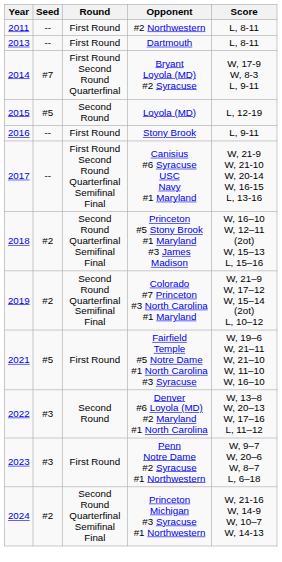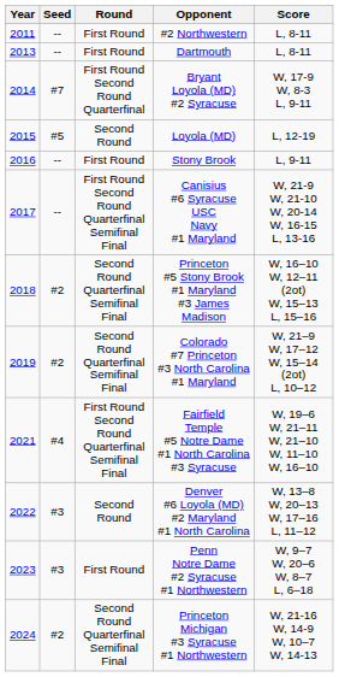 <table class="wikitable">
 <tr>
 <th style="width:40px; ">Year</th>
 <th style="width:40px; ">Seed</th>
 <th style="width:100px; ">Round</th>
 <th style="width:130px; ">Opponent</th>
 <th style="width:100px; ">Score</th>
 </tr>
 <tr align="center">
 <td><a href='#'>2011</a></td>
 <td>--</td>
 <td>First Round</td>
 <td>#2 <a href='#'>Northwestern</a></td>
 <td>L, 8-11</td>
 </tr>
 <tr align="center">
 <td><a href='#'>2013</a></td>
 <td>--</td>
 <td>First Round</td>
 <td><a href='#'>Dartmouth</a></td>
 <td>L, 8-11</td>
 </tr>
 <tr align="center">
 <td><a href='#'>2014</a></td>
 <td>#7</td>
 <td>First Round<br>Second Round<br>Quarterfinal</td>
 <td><a href='#'>Bryant</a><br><a href='#'>Loyola (MD)</a><br>#2 <a href='#'>Syracuse</a></td>
 <td>W, 17-9<br>W, 8-3<br>L, 9-11</td>
 </tr>
 <tr align="center">
 <td><a href='#'>2015</a></td>
 <td>#5</td>
 <td>Second Round</td>
 <td><a href='#'>Loyola (MD)</a></td>
 <td>L, 12-19</td>
 </tr>
 <tr align="center">
 <td><a href='#'>2016</a></td>
 <td>--</td>
 <td>First Round</td>
 <td><a href='#'>Stony Brook</a></td>
 <td>L, 9-11</td>
 </tr>
 <tr align="center">
 <td><a href='#'>2017</a></td>
 <td>--</td>
 <td>First Round<br>Second Round<br>Quarterfinal<br>Semifinal<br>Final</td>
 <td><a href='#'>Canisius</a><br>#6 <a href='#'>Syracuse</a><br><a href='#'>USC</a><br><a href='#'>Navy</a><br>#1 <a href='#'>Maryland</a></td>
 <td>W, 21-9<br>W, 21-10<br>W, 20-14<br>W, 16-15<br>L, 13-16</td>
 </tr>
 <tr align="center">
 <td><a href='#'>2018</a></td>
 <td>#2</td>
 <td>Second Round<br>Quarterfinal<br>Semifinal<br>Final</td>
 <td><a href='#'>Princeton</a><br>#5 <a href='#'>Stony Brook</a><br>#1 <a href='#'>Maryland</a><br>#3 <a href='#'>James Madison</a></td>
 <td>W, 16–10<br>W, 12–11 (2ot)<br>W, 15–13<br>L, 15–16</td>
 </tr>
 <tr align="center">
 <td><a href='#'>2019</a></td>
 <td>#2</td>
 <td>Second Round<br>Quarterfinal<br>Semifinal<br>Final</td>
 <td><a href='#'>Colorado</a><br>#7 <a href='#'>Princeton</a><br>#3 <a href='#'>North Carolina</a><br>#1 <a href='#'>Maryland</a></td>
 <td>W, 21–9<br>W, 17–12<br>W, 15–14 (2ot)<br>L, 10–12</td>
 </tr>
 <tr align="center">
 <td><a href='#'>2021</a></td>
-<td>#5</td>
-<td>First Round</td>
+<td>#4</td>
+<td>First Round<br>Second Round<br>Quarterfinal<br>Semifinal<br>Final</td>
 <td><a href='#'>Fairfield</a><br><a href='#'>Temple</a><br>#5 <a href='#'>Notre Dame</a><br>#1 <a href='#'>North Carolina</a><br>#3 <a href='#'>Syracuse</a></td>
 <td>W, 19–6<br>W, 21–11<br>W, 21–10<br>W, 11–10<br>W, 16–10</td>
 </tr>
 <tr align="center">
 <td><a href='#'>2022</a></td>
 <td>#3</td>
 <td>Second Round</td>
 <td><a href='#'>Denver</a><br>#6 <a href='#'>Loyola (MD)</a><br>#2 <a href='#'>Maryland</a><br>#1 <a href='#'>North Carolina</a></td>
 <td>W, 13–8<br>W, 20–13<br>W, 17–16<br>L, 11–12</td>
 </tr>
 <tr align="center">
 <td><a href='#'>2023</a></td>
 <td>#3</td>
 <td>First Round</td>
 <td><a href='#'>Penn</a><br><a href='#'>Notre Dame</a><br>#2 <a href='#'>Syracuse</a><br>#1 <a href='#'>Northwestern</a></td>
 <td>W, 9–7<br>W, 20–6<br>W, 8–7<br>L, 6–18</td>
 </tr>
 <tr align="center">
 <td><a href='#'>2024</a></td>
 <td>#2</td>
 <td>Second Round<br>Quarterfinal<br>Semifinal<br>Final</td>
 <td><a href='#'>Princeton</a><br><a href='#'>Michigan</a><br>#3 <a href='#'>Syracuse</a><br>#1 <a href='#'>Northwestern</a></td>
 <td>W, 21-16<br>W, 14-9<br>W, 10–7<br>W, 14-13</td>
 </tr>
 </table>
